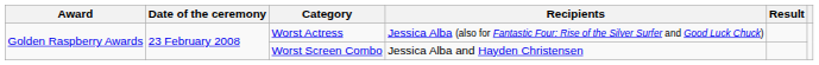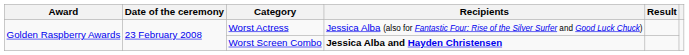 <table class="wikitable plainrowheaders sortable">
 <tr>
 <th scope="col">Award</th>
 <th scope="col">Date of the ceremony</th>
 <th scope="col">Category</th>
 <th scope="col">Recipients</th>
 <th scope="col">Result</th>
 <th class="unsortable" scope="col"></th>
 </tr>
 <tr>
 <td rowspan="2" scope="row"><a href='#'>Golden Raspberry Awards</a></td>
 <td rowspan="2"><a href='#'>23 February 2008</a></td>
 <td><a href='#'>Worst Actress</a></td>
 <td><a href='#'>Jessica Alba</a> <small>(also for <em><a href='#'>Fantastic Four: Rise of the Silver Surfer</a></em> and <em><a href='#'>Good Luck Chuck</a></em>)</small></td>
 <td></td>
 <td rowspan="2"></td>
 </tr>
 <tr>
 <td><a href='#'>Worst Screen Combo</a></td>
-<td>Jessica Alba and <a href='#'>Hayden Christensen</a></td>
+<td><strong>Jessica Alba and <a href='#'>Hayden Christensen</a></strong></td>
 <td></td>
 </tr>
 </table>
